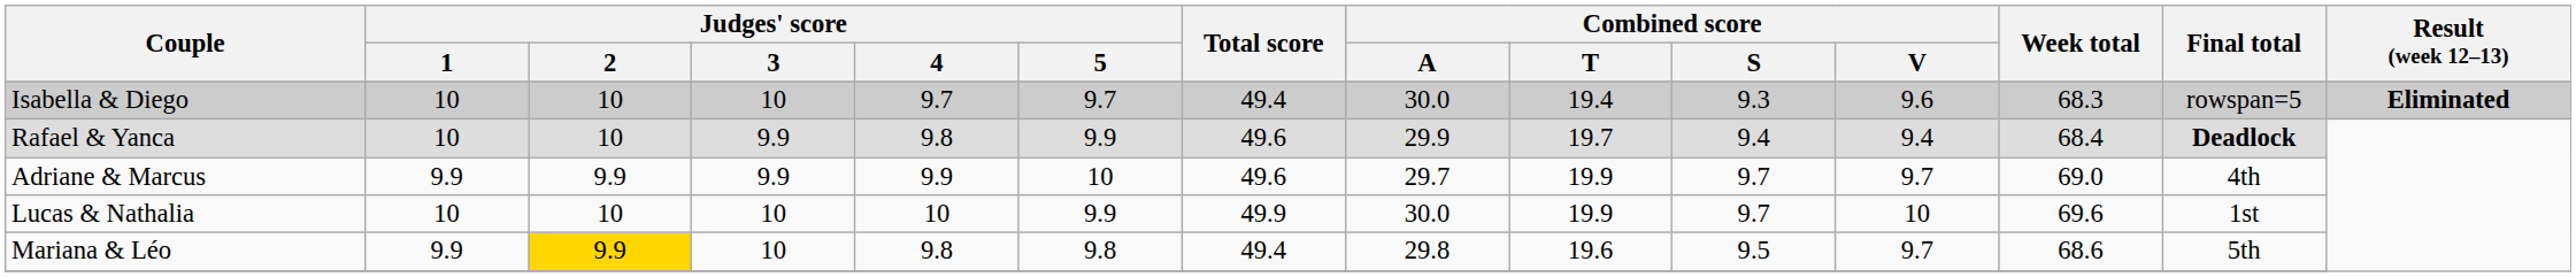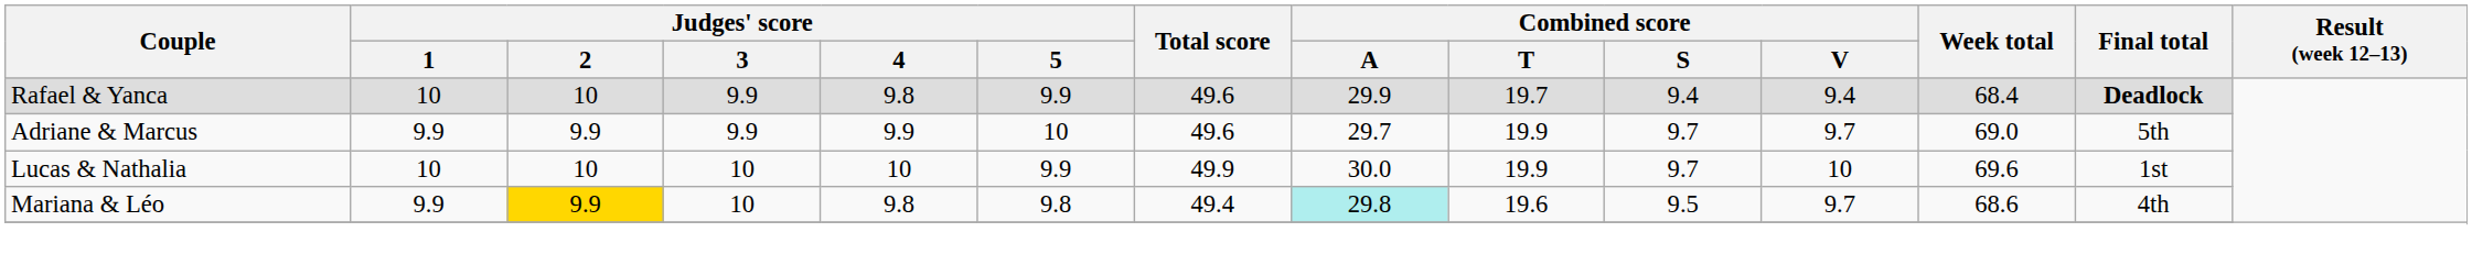 <table class="wikitable" style="font-size:100%; line-height:16px; text-align:center" width="100%">
 <tr>
 <th rowspan=2 style="width:11.0%;">Couple</th>
 <th colspan=5 style="width:25.0%;">Judges' score</th>
 <th rowspan=2 style="width:05.0%;">Total score</th>
 <th colspan=4 style="width:20.0%;">Combined score</th>
 <th rowspan=2 style="width:05.0%;">Week total</th>
 <th rowspan=2 style="width:05.0%;">Final total</th>
 <th rowspan=2 style="width:07.5%;">Result <br> <small> (week 12–13) </small></th>
 </tr>
 <tr>
 <th style="width:05.0%;">1</th>
 <th style="width:05.0%;">2</th>
 <th style="width:05.0%;">3</th>
 <th style="width:05.0%;">4</th>
 <th style="width:05.0%;">5</th>
 <th style="width:05.0%;">A</th>
 <th style="width:05.0%;">T</th>
 <th style="width:05.0%;">S</th>
 <th style="width:05.0%;">V</th>
-</tr>
-<tr bgcolor="CCCCCC">
-<td align="left">Isabella & Diego</td>
-<td>10</td>
-<td>10</td>
-<td>10</td>
-<td>9.7</td>
-<td>9.7</td>
-<td>49.4</td>
-<td>30.0</td>
-<td>19.4</td>
-<td>9.3</td>
-<td>9.6</td>
-<td>68.3</td>
-<td>rowspan=5 </td>
-<td><strong>Eliminated</strong></td>
 </tr>
 <tr bgcolor="DDDDDD">
 <td align="left">Rafael & Yanca</td>
 <td>10</td>
 <td>10</td>
 <td>9.9</td>
 <td>9.8</td>
 <td>9.9</td>
 <td>49.6</td>
 <td>29.9</td>
 <td>19.7</td>
 <td>9.4</td>
 <td>9.4</td>
 <td>68.4</td>
 <td><strong>Deadlock</strong></td>
 </tr>
 <tr>
 <td align="left">Adriane & Marcus</td>
 <td>9.9</td>
 <td>9.9</td>
 <td>9.9</td>
 <td>9.9</td>
 <td>10</td>
 <td>49.6</td>
 <td>29.7</td>
 <td>19.9</td>
 <td>9.7</td>
 <td>9.7</td>
 <td>69.0</td>
-<td>4th</td>
+<td>5th</td>
 </tr>
 <tr>
 <td align="left">Lucas & Nathalia</td>
 <td>10</td>
 <td>10</td>
 <td>10</td>
 <td>10</td>
 <td>9.9</td>
 <td>49.9</td>
 <td>30.0</td>
 <td>19.9</td>
 <td>9.7</td>
 <td>10</td>
 <td>69.6</td>
 <td>1st</td>
 </tr>
 <tr>
 <td align="left">Mariana & Léo</td>
 <td>9.9</td>
 <td style="background: gold;">9.9</td>
 <td>10</td>
 <td>9.8</td>
 <td>9.8</td>
 <td>49.4</td>
-<td>29.8</td>
+<td style="background: paleturquoise;">29.8</td>
 <td>19.6</td>
 <td>9.5</td>
 <td>9.7</td>
 <td>68.6</td>
-<td>5th</td>
+<td>4th</td>
 </tr>
 <tr>
 </tr>
 </table>
